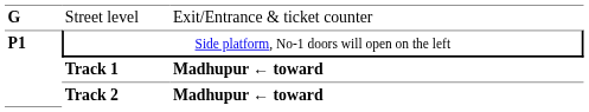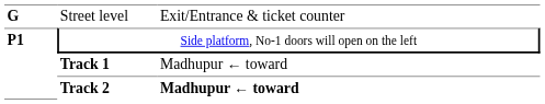 <table border=0 cellspacing=0 cellpadding=3>
 <tr>
 <td style="border-top:solid 1px gray;" width=50 valign=top><strong>G</strong></td>
 <td style="border-top:solid 1px gray;" width=100 valign=top>Street level</td>
 <td style="border-top:solid 1px gray;" width=400 valign=top>Exit/Entrance & ticket counter</td>
 </tr>
 <tr>
 <td style="border-top:solid 1px gray;border-bottom:solid 1px gray;" width=50 rowspan=6 valign=top><strong>P1</strong></td>
 <td style="border-top:solid 1px gray;border-right:solid 2px black;border-left:solid 2px black;border-bottom:solid 2px black;text-align:center;" colspan=2><small><a href='#'>Side platform</a>, No-1 doors will open on the left</small></td>
 </tr>
 <tr>
 <td style="border-bottom:solid 1px gray;" width=100><strong>Track 1</strong></td>
-<td style="border-bottom:solid 1px gray;" width=400><strong>Madhupur ← toward </strong></td>
+<td style="border-bottom:solid 1px gray;" width=400>Madhupur ← toward </td>
 </tr>
 <tr>
 <td><strong>Track 2</strong></td>
 <td><strong>Madhupur ← toward </strong></td>
 </tr>
 </table>
